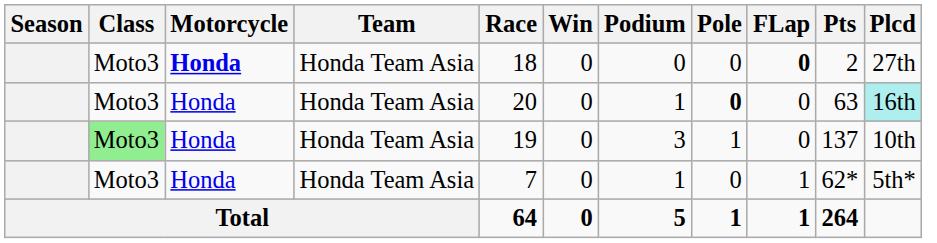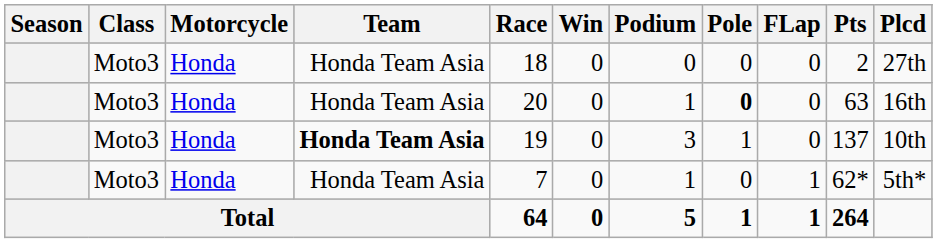 <table class="wikitable" style="text-align:right;">
 <tr>
 <th>Season</th>
 <th>Class</th>
 <th>Motorcycle</th>
 <th>Team</th>
 <th>Race</th>
 <th>Win</th>
 <th>Podium</th>
 <th>Pole</th>
 <th>FLap</th>
 <th>Pts</th>
 <th>Plcd</th>
 </tr>
 <tr>
 <th></th>
 <td>Moto3</td>
-<td style="text-align:left;"><strong><a href='#'>Honda</a></strong></td>
+<td style="text-align:left;"><a href='#'>Honda</a></td>
 <td>Honda Team Asia</td>
 <td>18</td>
 <td>0</td>
 <td>0</td>
 <td>0</td>
-<td><strong>0</strong></td>
+<td>0</td>
 <td>2</td>
 <td>27th</td>
 </tr>
 <tr>
 <th></th>
 <td>Moto3</td>
 <td style="text-align:left;"><a href='#'>Honda</a></td>
 <td>Honda Team Asia</td>
 <td>20</td>
 <td>0</td>
 <td>1</td>
 <td><strong>0</strong></td>
 <td>0</td>
 <td>63</td>
-<td style="background: paleturquoise;">16th</td>
+<td>16th</td>
 </tr>
 <tr>
 <th></th>
-<td style="background: lightgreen;">Moto3</td>
+<td>Moto3</td>
 <td style="text-align:left;"><a href='#'>Honda</a></td>
-<td>Honda Team Asia</td>
+<td><strong>Honda Team Asia</strong></td>
 <td>19</td>
 <td>0</td>
 <td>3</td>
 <td>1</td>
 <td>0</td>
 <td>137</td>
 <td>10th</td>
 </tr>
 <tr>
 <th></th>
 <td>Moto3</td>
 <td style="text-align:left;"><a href='#'>Honda</a></td>
 <td>Honda Team Asia</td>
 <td>7</td>
 <td>0</td>
 <td>1</td>
 <td>0</td>
 <td>1</td>
 <td>62*</td>
 <td>5th*</td>
 </tr>
 <tr>
 <th colspan="4">Total</th>
 <td><strong>64</strong></td>
 <td><strong>0</strong></td>
 <td><strong>5</strong></td>
 <td><strong>1</strong></td>
 <td><strong>1</strong></td>
 <td><strong>264</strong></td>
 <td></td>
 </tr>
 </table>
